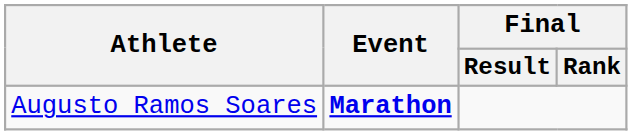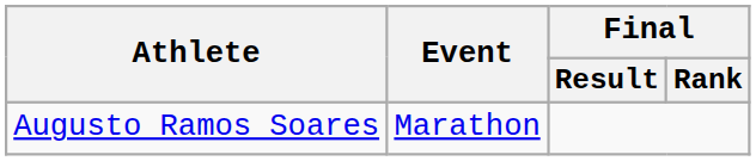 <table class="wikitable" style="font-size:90%">
 <tr>
 <th rowspan="2">Athlete</th>
 <th rowspan="2">Event</th>
 <th colspan="2">Final</th>
 </tr>
 <tr style="font-size:95%">
 <th>Result</th>
 <th>Rank</th>
 </tr>
 <tr>
 <td><a href='#'>Augusto Ramos Soares</a></td>
-<td><strong><a href='#'>Marathon</a></strong></td>
+<td><a href='#'>Marathon</a></td>
 <td align=center colspan=2></td>
 </tr>
 </table>
